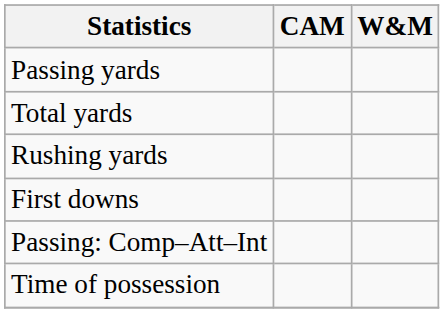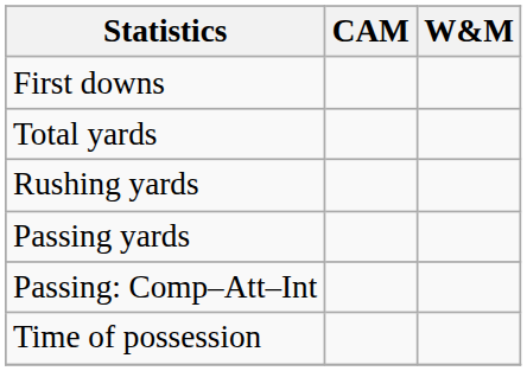 <table class="wikitable" style="float: left;">
 <tr>
 <th>Statistics</th>
 <th>CAM</th>
 <th>W&M</th>
 </tr>
 <tr>
-<td>Passing yards</td>
+<td>First downs</td>
 <td></td>
 <td></td>
 </tr>
 <tr>
 <td>Total yards</td>
 <td></td>
 <td></td>
 </tr>
 <tr>
 <td>Rushing yards</td>
 <td></td>
 <td></td>
 </tr>
 <tr>
-<td>First downs</td>
+<td>Passing yards</td>
 <td></td>
 <td></td>
 </tr>
 <tr>
 <td>Passing: Comp–Att–Int</td>
 <td></td>
 <td></td>
 </tr>
 <tr>
 <td>Time of possession</td>
 <td></td>
 <td></td>
 </tr>
 <tr>
 </tr>
 </table>
